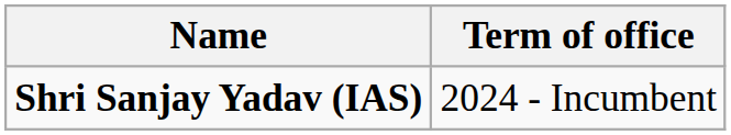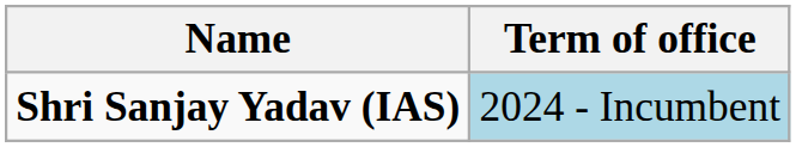 <table class="wikitable">
 <tr>
 <th>Name</th>
 <th>Term of office</th>
 </tr>
 <tr>
 <td><strong>Shri Sanjay Yadav (IAS)</strong></td>
-<td>2024 - Incumbent</td>
+<td style="background: lightblue;">2024 - Incumbent</td>
 </tr>
 </table>
